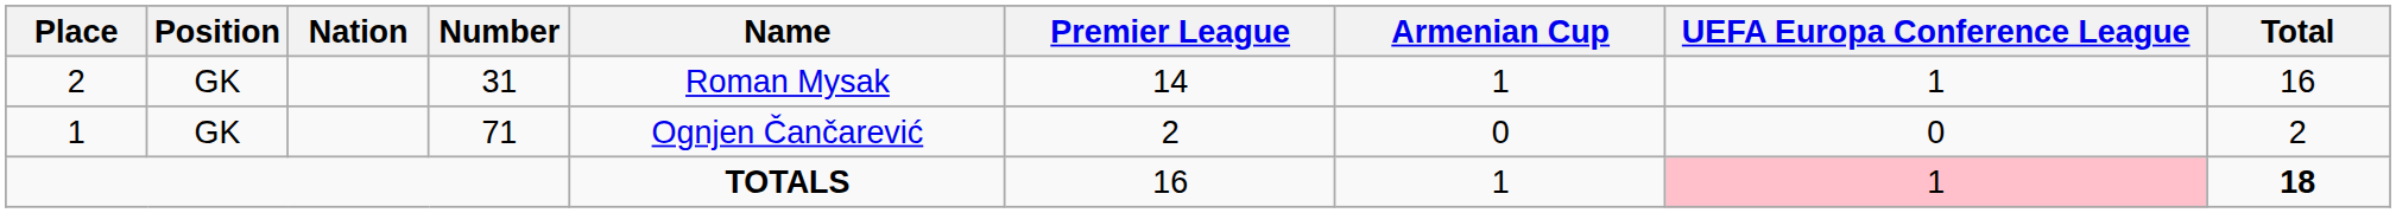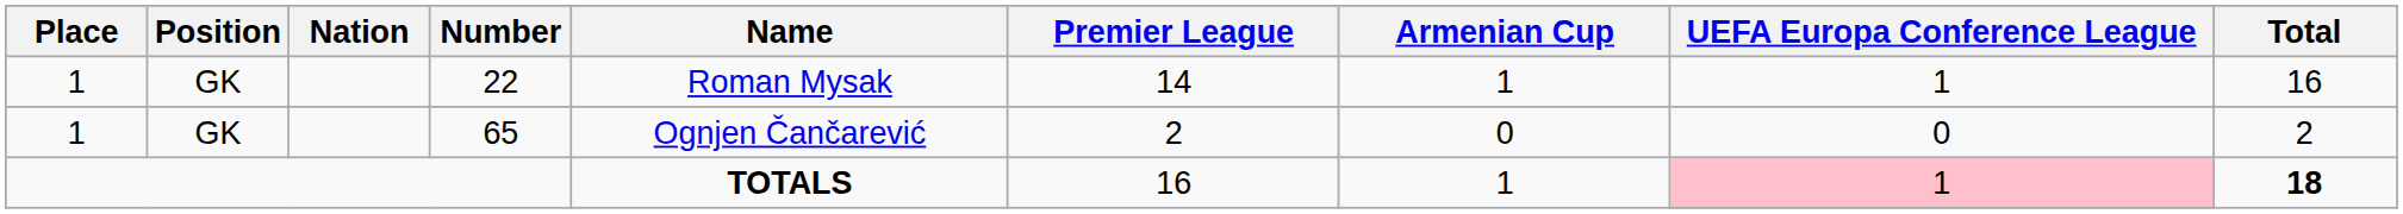 <table class="wikitable" style="font-size: 95%; text-align: center;">
 <tr>
 <th width=60>Place</th>
 <th width=60>Position</th>
 <th width=60>Nation</th>
 <th width=60>Number</th>
 <th width=200>Name</th>
 <th width=150><a href='#'>Premier League</a></th>
 <th width=150><a href='#'>Armenian Cup</a></th>
 <th width=250><a href='#'>UEFA Europa Conference League</a></th>
 <th width=80><strong>Total</strong></th>
 </tr>
 <tr>
-<td>2</td>
+<td>1</td>
 <td>GK</td>
 <td></td>
-<td>31</td>
+<td>22</td>
 <td><a href='#'>Roman Mysak</a></td>
 <td>14</td>
 <td>1</td>
 <td>1</td>
 <td>16</td>
 </tr>
 <tr>
 <td>1</td>
 <td>GK</td>
 <td></td>
-<td>71</td>
+<td>65</td>
 <td><a href='#'>Ognjen Čančarević</a></td>
 <td>2</td>
 <td>0</td>
 <td>0</td>
 <td>2</td>
 </tr>
 <tr>
 <td colspan="4"></td>
 <td><strong>TOTALS</strong></td>
 <td>16</td>
 <td>1</td>
 <td style="background: pink;">1</td>
 <td><strong>18</strong></td>
 </tr>
 </table>
